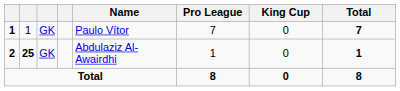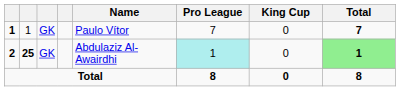 <table class="wikitable" style="text-align:center">
 <tr>
 <th width=15></th>
 <th width=15></th>
 <th width=15></th>
 <th width=15></th>
 <th width=145>Name</th>
 <th width=100>Pro League</th>
 <th width=100>King Cup</th>
 <th width=100>Total</th>
 </tr>
 <tr>
 <td><strong>1</strong></td>
 <td>1</td>
 <td><a href='#'>GK</a></td>
 <td></td>
 <td align=left><a href='#'>Paulo Vítor</a></td>
 <td>7</td>
 <td>0</td>
 <td><strong>7</strong></td>
 </tr>
 <tr>
 <td><strong>2</strong></td>
 <td><strong>25</strong></td>
 <td><a href='#'>GK</a></td>
 <td></td>
 <td align=left><a href='#'>Abdulaziz Al-Awairdhi</a></td>
-<td>1</td>
+<td style="background: paleturquoise;">1</td>
 <td>0</td>
-<td><strong>1</strong></td>
+<td style="background: lightgreen;"><strong>1</strong></td>
 </tr>
 <tr>
 <td colspan=5><strong>Total</strong></td>
 <td><strong>8</strong></td>
 <td><strong>0</strong></td>
 <td><strong>8</strong></td>
 </tr>
 </table>
